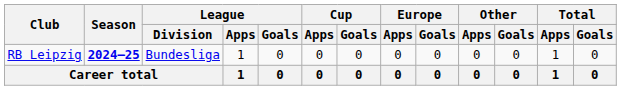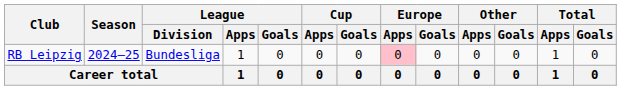 <table class="wikitable" style="text-align:center">
 <tr>
 <th rowspan="2">Club</th>
 <th rowspan="2">Season</th>
 <th colspan="3">League</th>
 <th colspan="2">Cup</th>
 <th colspan="2">Europe</th>
 <th colspan="2">Other</th>
 <th colspan="2">Total</th>
 </tr>
 <tr>
 <th>Division</th>
 <th>Apps</th>
 <th>Goals</th>
 <th>Apps</th>
 <th>Goals</th>
 <th>Apps</th>
 <th>Goals</th>
 <th>Apps</th>
 <th>Goals</th>
 <th>Apps</th>
 <th>Goals</th>
 </tr>
 <tr>
 <td><a href='#'>RB Leipzig</a></td>
-<td><strong><a href='#'>2024–25</a></strong></td>
+<td><a href='#'>2024–25</a></td>
 <td><a href='#'>Bundesliga</a></td>
 <td>1</td>
 <td>0</td>
 <td>0</td>
 <td>0</td>
-<td>0</td>
+<td style="background: pink;">0</td>
 <td>0</td>
 <td>0</td>
 <td>0</td>
 <td>1</td>
 <td>0</td>
 </tr>
 <tr>
 <th colspan="3">Career total</th>
 <th>1</th>
 <th>0</th>
 <th>0</th>
 <th>0</th>
 <th>0</th>
 <th>0</th>
 <th>0</th>
 <th>0</th>
 <th>1</th>
 <th>0</th>
 </tr>
 </table>
